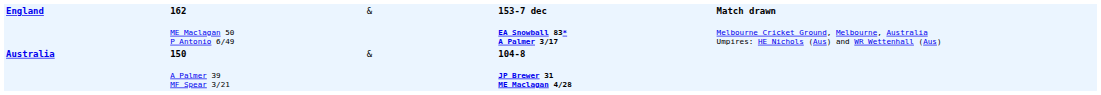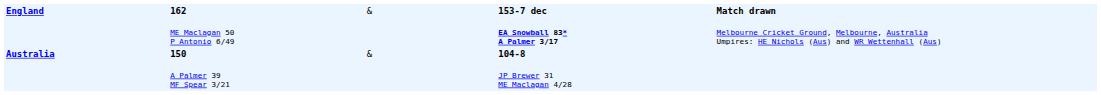 <table width="100%" style="background: #EBF5FF">
 <tr>
 <td width="15%" valign="top" rowspan="2"> <strong><a href='#'>England</a></strong></td>
 <td width="18%"><strong>162</strong></td>
 <td width="12%">&</td>
 <td width="20%"><strong>153-7 dec</strong></td>
 <td width="35%"><strong>Match drawn</strong></td>
 </tr>
 <tr>
 <td style="font-size: 85%;" valign="top"><br><a href='#'>ME Maclagan</a> 50<br> <a href='#'>P Antonio</a> 6/49</td>
 <td></td>
 <td style="font-size: 85%;"><strong><br><a href='#'>EA Snowball</a> 83<a href='#'>*</a><br> <a href='#'>A Palmer</a> 3/17</strong></td>
 <td valign="top" style="font-size: 85%;" rowspan="3"><br><a href='#'>Melbourne Cricket Ground</a>, <a href='#'>Melbourne</a>, <a href='#'>Australia</a><br> Umpires: <a href='#'>HE Nichols</a> (<a href='#'>Aus</a>) and <a href='#'>WR Wettenhall</a> (<a href='#'>Aus</a>)<br></td>
 </tr>
 <tr>
 <td valign="top" rowspan="2"> <strong><a href='#'>Australia</a></strong></td>
 <td><strong>150</strong></td>
 <td>&</td>
 <td><strong>104-8</strong></td>
 </tr>
 <tr>
 <td style="font-size: 85%;"><br><a href='#'>A Palmer</a> 39<br> <a href='#'>MF Spear</a> 3/21</td>
 <td></td>
-<td valign="top" style="font-size: 85%;"><strong><br><a href='#'>JP Brewer</a> 31<br> <a href='#'>ME Maclagan</a> 4/28</strong></td>
+<td valign="top" style="font-size: 85%;"><br><a href='#'>JP Brewer</a> 31<br> <a href='#'>ME Maclagan</a> 4/28</td>
 </tr>
 </table>
